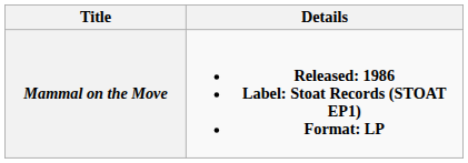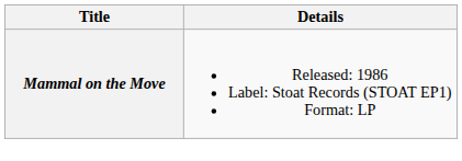 <table class="wikitable plainrowheaders" style="text-align:center;" border="1">
 <tr>
 <th scope="col" style="width:11em;">Title</th>
 <th scope="col" style="width:17em;">Details</th>
 </tr>
 <tr>
 <th scope="row"><em>Mammal on the Move</em></th>
-<td><strong><br><ul><li>Released: 1986</li><li>Label: Stoat Records (STOAT EP1)</li><li>Format: LP</li></ul></strong></td>
+<td><br><ul><li>Released: 1986</li><li>Label: Stoat Records (STOAT EP1)</li><li>Format: LP</li></ul></td>
 </tr>
 </table>
